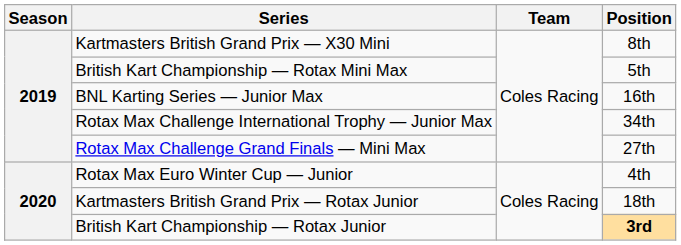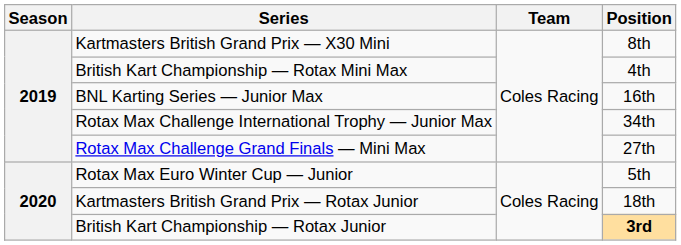 <table class="wikitable" style="font-size: 85%; text-align:center">
 <tr>
 <th>Season</th>
 <th>Series</th>
 <th>Team</th>
 <th>Position</th>
 </tr>
 <tr>
 <th rowspan="5">2019</th>
 <td align="left">Kartmasters British Grand Prix — X30 Mini</td>
 <td rowspan="5" align="left">Coles Racing</td>
 <td>8th</td>
 </tr>
 <tr>
 <td align="left">British Kart Championship — Rotax Mini Max</td>
-<td>5th</td>
+<td>4th</td>
 </tr>
 <tr>
 <td align="left">BNL Karting Series — Junior Max</td>
 <td>16th</td>
 </tr>
 <tr>
 <td align="left">Rotax Max Challenge International Trophy — Junior Max</td>
 <td>34th</td>
 </tr>
 <tr>
 <td align="left"><a href='#'>Rotax Max Challenge Grand Finals</a> — Mini Max</td>
 <td>27th</td>
 </tr>
 <tr>
 <th rowspan="3">2020</th>
 <td align="left">Rotax Max Euro Winter Cup — Junior</td>
 <td rowspan="3" align="left">Coles Racing</td>
-<td>4th</td>
+<td>5th</td>
 </tr>
 <tr>
 <td align="left">Kartmasters British Grand Prix — Rotax Junior</td>
 <td>18th</td>
 </tr>
 <tr>
 <td align="left">British Kart Championship — Rotax Junior</td>
 <td style="background:#ffdf9f"><strong>3rd</strong></td>
 </tr>
 </table>
